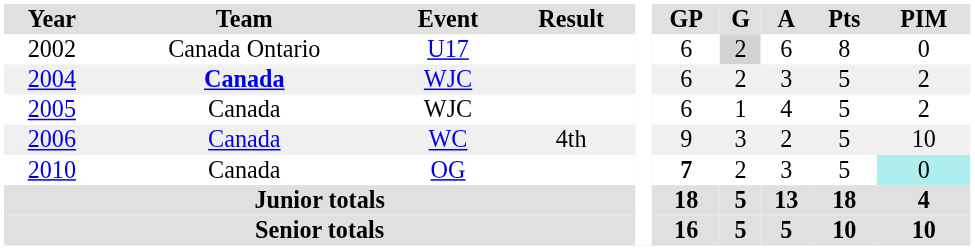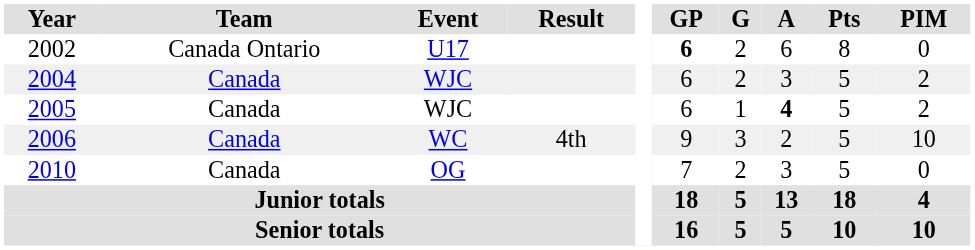 <table border="0" cellpadding="1" cellspacing="0" style="text-align:center; width:40em">
 <tr style="background:#e0e0e0;">
 <th>Year</th>
 <th>Team</th>
 <th>Event</th>
 <th>Result</th>
 <th rowspan="99" style="background:#fff;"> </th>
 <th>GP</th>
 <th>G</th>
 <th>A</th>
 <th>Pts</th>
 <th>PIM</th>
 </tr>
 <tr>
 <td>2002</td>
 <td>Canada Ontario</td>
 <td><a href='#'>U17</a></td>
 <td></td>
-<td>6</td>
-<td style="background: lightgrey;">2</td>
+<td><strong>6</strong></td>
+<td>2</td>
 <td>6</td>
 <td>8</td>
 <td>0</td>
 </tr>
 <tr style="background: #f0f0f0;">
 <td><a href='#'>2004</a></td>
-<td><strong><a href='#'>Canada</a></strong></td>
+<td><a href='#'>Canada</a></td>
 <td><a href='#'>WJC</a></td>
 <td></td>
 <td>6</td>
 <td>2</td>
 <td>3</td>
 <td>5</td>
 <td>2</td>
 </tr>
 <tr>
 <td><a href='#'>2005</a></td>
 <td>Canada</td>
 <td>WJC</td>
 <td></td>
 <td>6</td>
 <td>1</td>
-<td>4</td>
+<td><strong>4</strong></td>
 <td>5</td>
 <td>2</td>
 </tr>
 <tr style="background: #f0f0f0;">
 <td><a href='#'>2006</a></td>
 <td><a href='#'>Canada</a></td>
 <td><a href='#'>WC</a></td>
 <td>4th</td>
 <td>9</td>
 <td>3</td>
 <td>2</td>
 <td>5</td>
 <td>10</td>
 </tr>
 <tr>
 <td><a href='#'>2010</a></td>
 <td>Canada</td>
 <td><a href='#'>OG</a></td>
 <td></td>
-<td><strong>7</strong></td>
+<td>7</td>
 <td>2</td>
 <td>3</td>
 <td>5</td>
-<td style="background: paleturquoise;">0</td>
+<td>0</td>
 </tr>
 <tr style="background:#e0e0e0;">
 <th colspan="4">Junior totals</th>
 <th>18</th>
 <th>5</th>
 <th>13</th>
 <th>18</th>
 <th>4</th>
 </tr>
 <tr style="background:#e0e0e0;">
 <th colspan="4">Senior totals</th>
 <th>16</th>
 <th>5</th>
 <th>5</th>
 <th>10</th>
 <th>10</th>
 </tr>
 </table>
